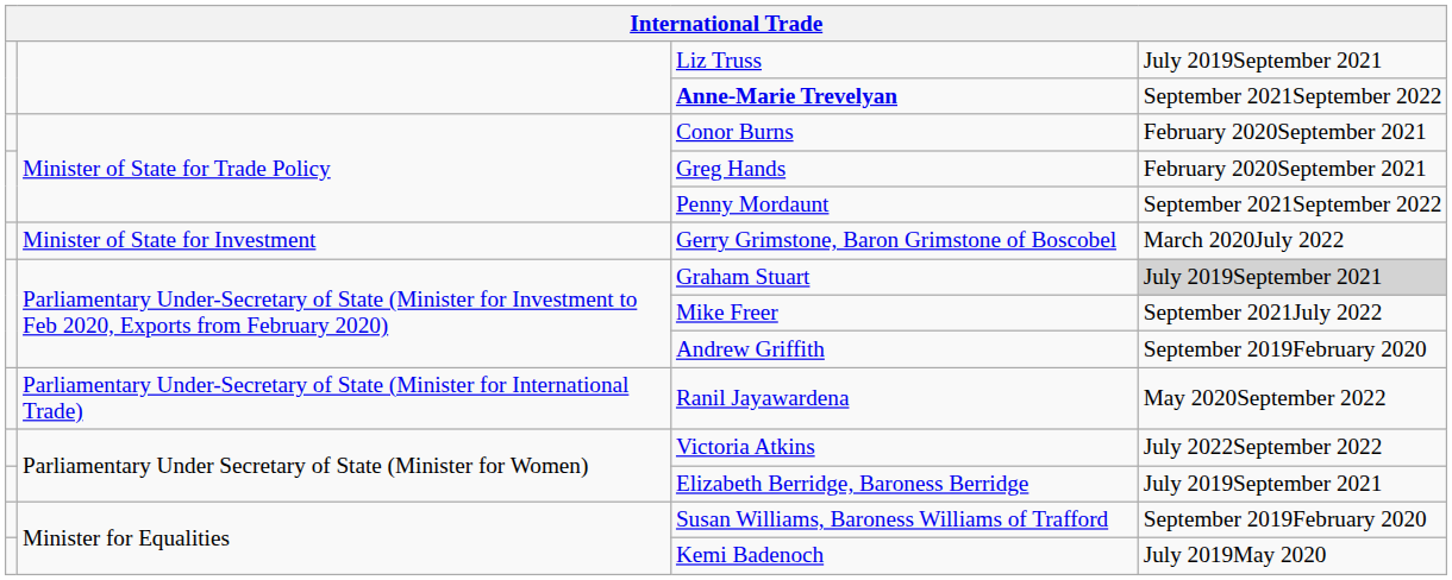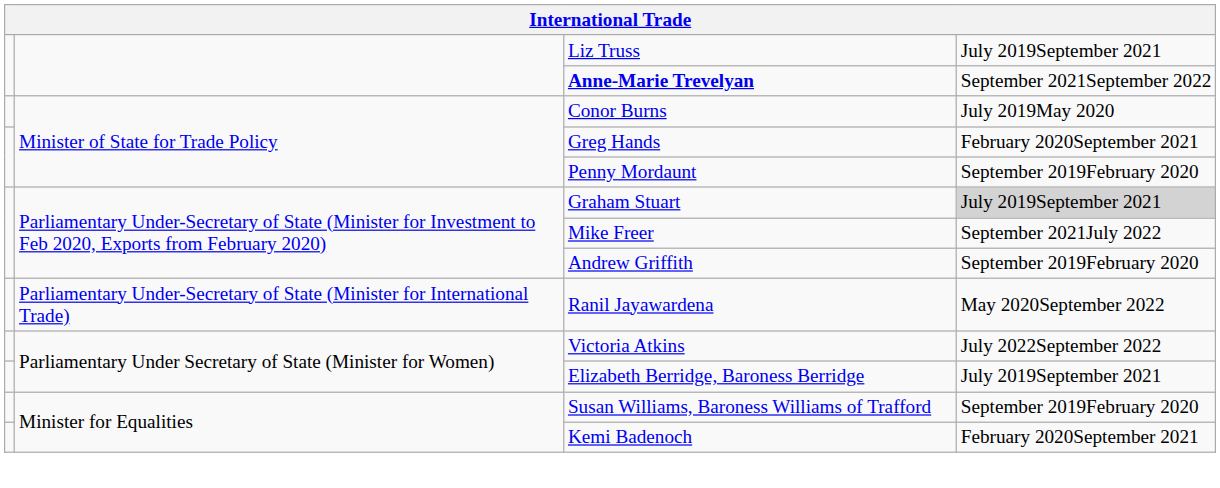 <table class="wikitable">
 <tr>
 <th colspan="4"><a href='#'>International Trade</a></th>
 </tr>
 <tr>
 <td rowspan=2 style="width: 1px; background: "></td>
 <td rowspan=2 style="width: 450px;"></td>
 <td style="width: 320px;"><a href='#'>Liz Truss</a> <br></td>
 <td>July 2019September 2021</td>
 </tr>
 <tr>
 <td style="width: 320px;"><strong><a href='#'>Anne-Marie Trevelyan</a></strong></td>
 <td>September 2021September 2022</td>
 </tr>
 <tr>
 <td style="width: 1px; background: "></td>
 <td rowspan="3" style="width: 450px;"><a href='#'>Minister of State for Trade Policy</a></td>
 <td style="width: 320px;"><a href='#'>Conor Burns</a></td>
-<td>February 2020September 2021</td>
+<td>July 2019May 2020</td>
 </tr>
 <tr>
 <td rowspan=2 style="width: 1px; background: "></td>
 <td style="width: 320px;"><a href='#'>Greg Hands</a></td>
 <td>February 2020September 2021</td>
 </tr>
 <tr>
 <td style="width: 320px;"><a href='#'>Penny Mordaunt</a></td>
-<td>September 2021September 2022</td>
-</tr>
-<tr>
-<td rowspan=1 style="width: 1px; background: "></td>
-<td><a href='#'>Minister of State for Investment</a></td>
-<td><a href='#'>Gerry Grimstone, Baron Grimstone of Boscobel</a> </td>
-<td>March 2020July 2022</td>
+<td>September 2019February 2020</td>
 </tr>
 <tr>
 <td rowspan=3 style="width: 1px; background: "></td>
 <td rowspan=3  style="width: 450px;"><a href='#'>Parliamentary Under-Secretary of State (Minister for Investment to Feb 2020, Exports from February 2020)</a></td>
 <td style="width: 320px;"><a href='#'>Graham Stuart</a></td>
 <td style="background: lightgrey;">July 2019September 2021</td>
 </tr>
 <tr>
 <td style="width: 320px;"><a href='#'>Mike Freer</a> </td>
 <td>September 2021July 2022</td>
 </tr>
 <tr>
 <td style="width: 320px;"><a href='#'>Andrew Griffith</a></td>
 <td>September 2019February 2020</td>
 </tr>
 <tr>
 <td style="width: 1px; background: "></td>
 <td style="width: 450px;"><a href='#'>Parliamentary Under-Secretary of State (Minister for International Trade)</a></td>
 <td style="width: 320px;"><a href='#'>Ranil Jayawardena</a></td>
 <td>May 2020September 2022</td>
 </tr>
 <tr>
 <td style="width: 1px; background: "></td>
 <td rowspan=2 style="width: 450px;">Parliamentary Under Secretary of State (Minister for Women)</td>
 <td style="width: 320px;"><a href='#'>Victoria Atkins</a> </td>
 <td>July 2022September 2022</td>
 </tr>
 <tr>
 <td style="width: 1px; background: "></td>
 <td style="width: 320px;"><a href='#'>Elizabeth Berridge, Baroness Berridge</a> </td>
 <td>July 2019September 2021</td>
 </tr>
 <tr>
 <td style="width: 1px; background: "></td>
 <td rowspan=2 style="width: 450px;">Minister for Equalities</td>
 <td style="width: 320px;"><a href='#'>Susan Williams, Baroness Williams of Trafford</a> </td>
 <td>September 2019February 2020</td>
 </tr>
 <tr>
 <td style="width: 1px; background: "></td>
 <td style="width: 320px;"><a href='#'>Kemi Badenoch</a> </td>
-<td>July 2019May 2020</td>
+<td>February 2020September 2021</td>
 </tr>
 </table>
